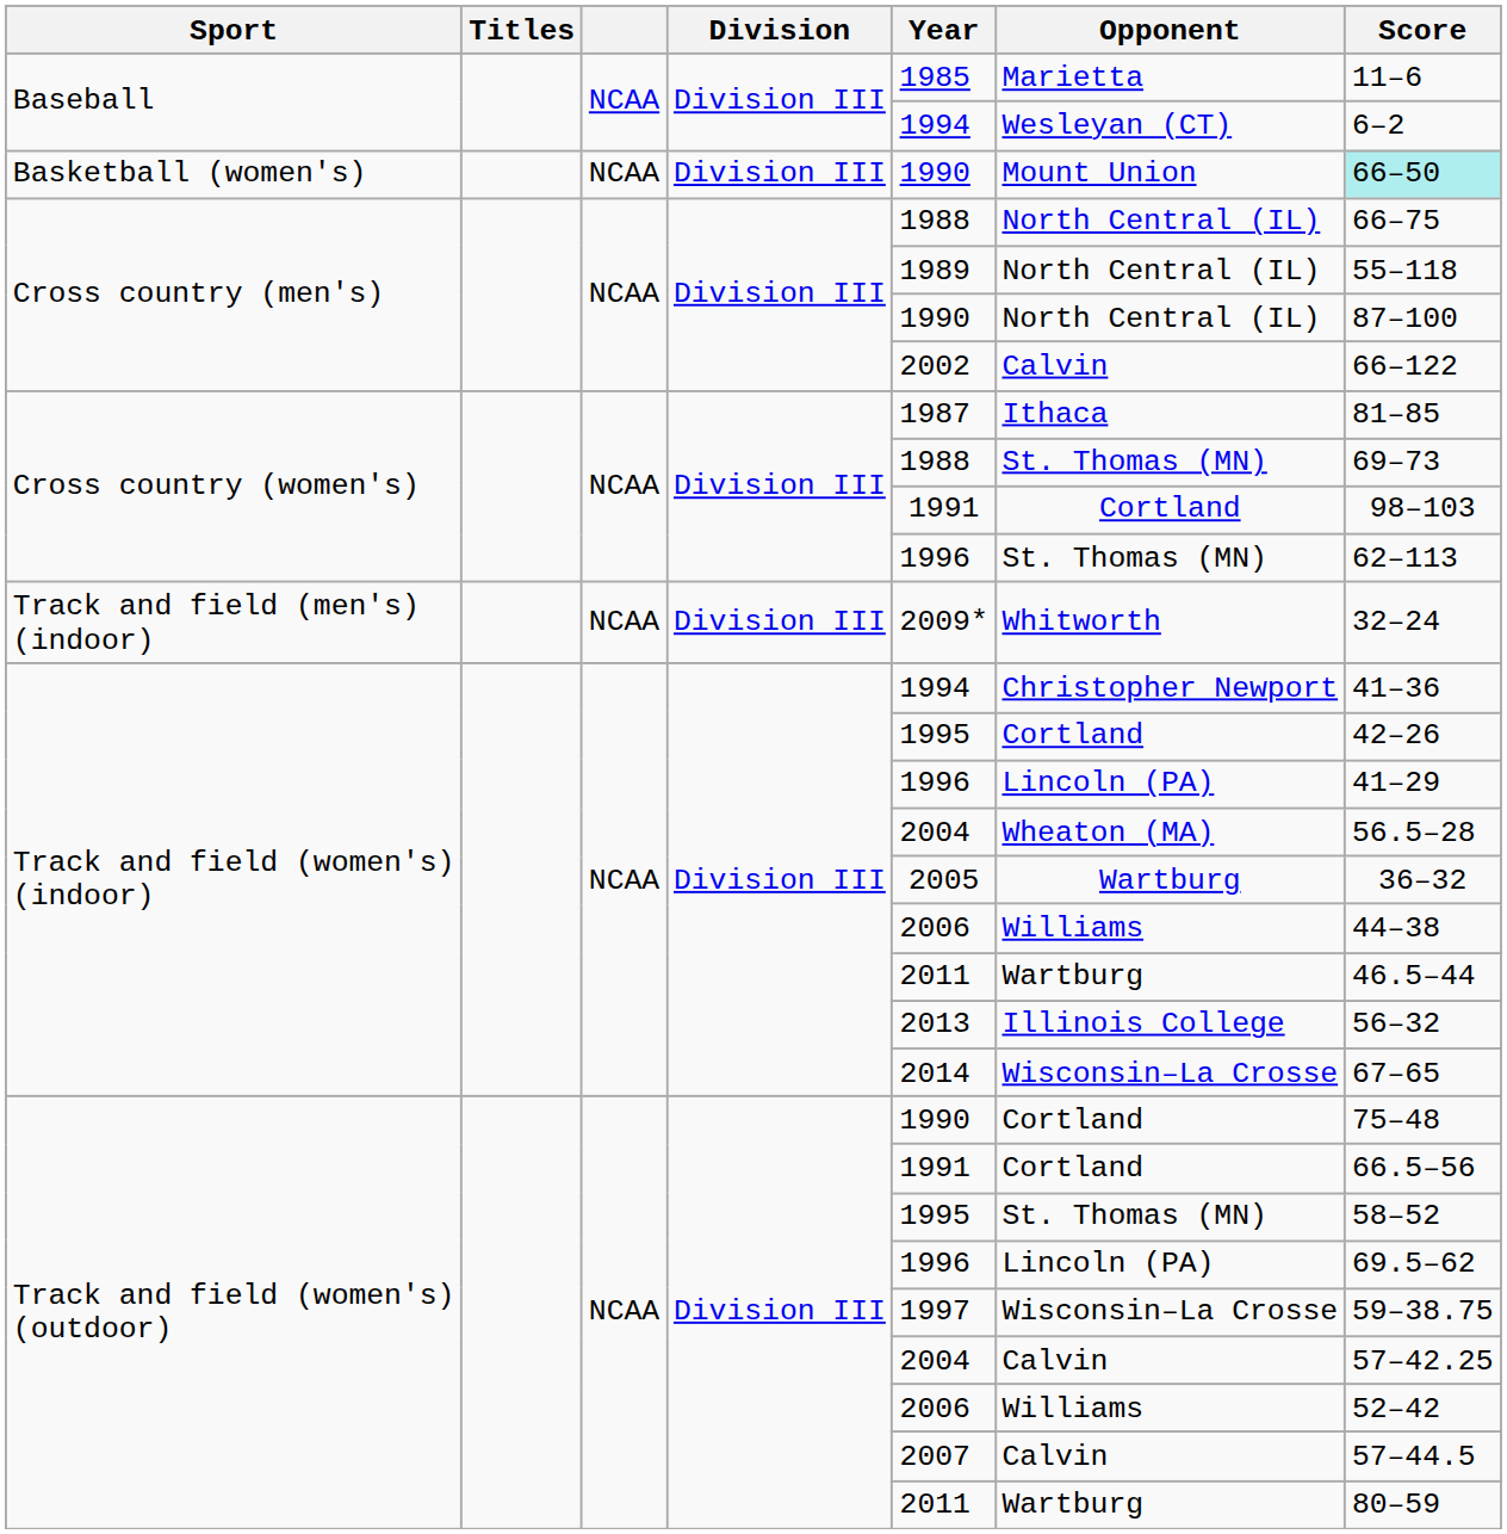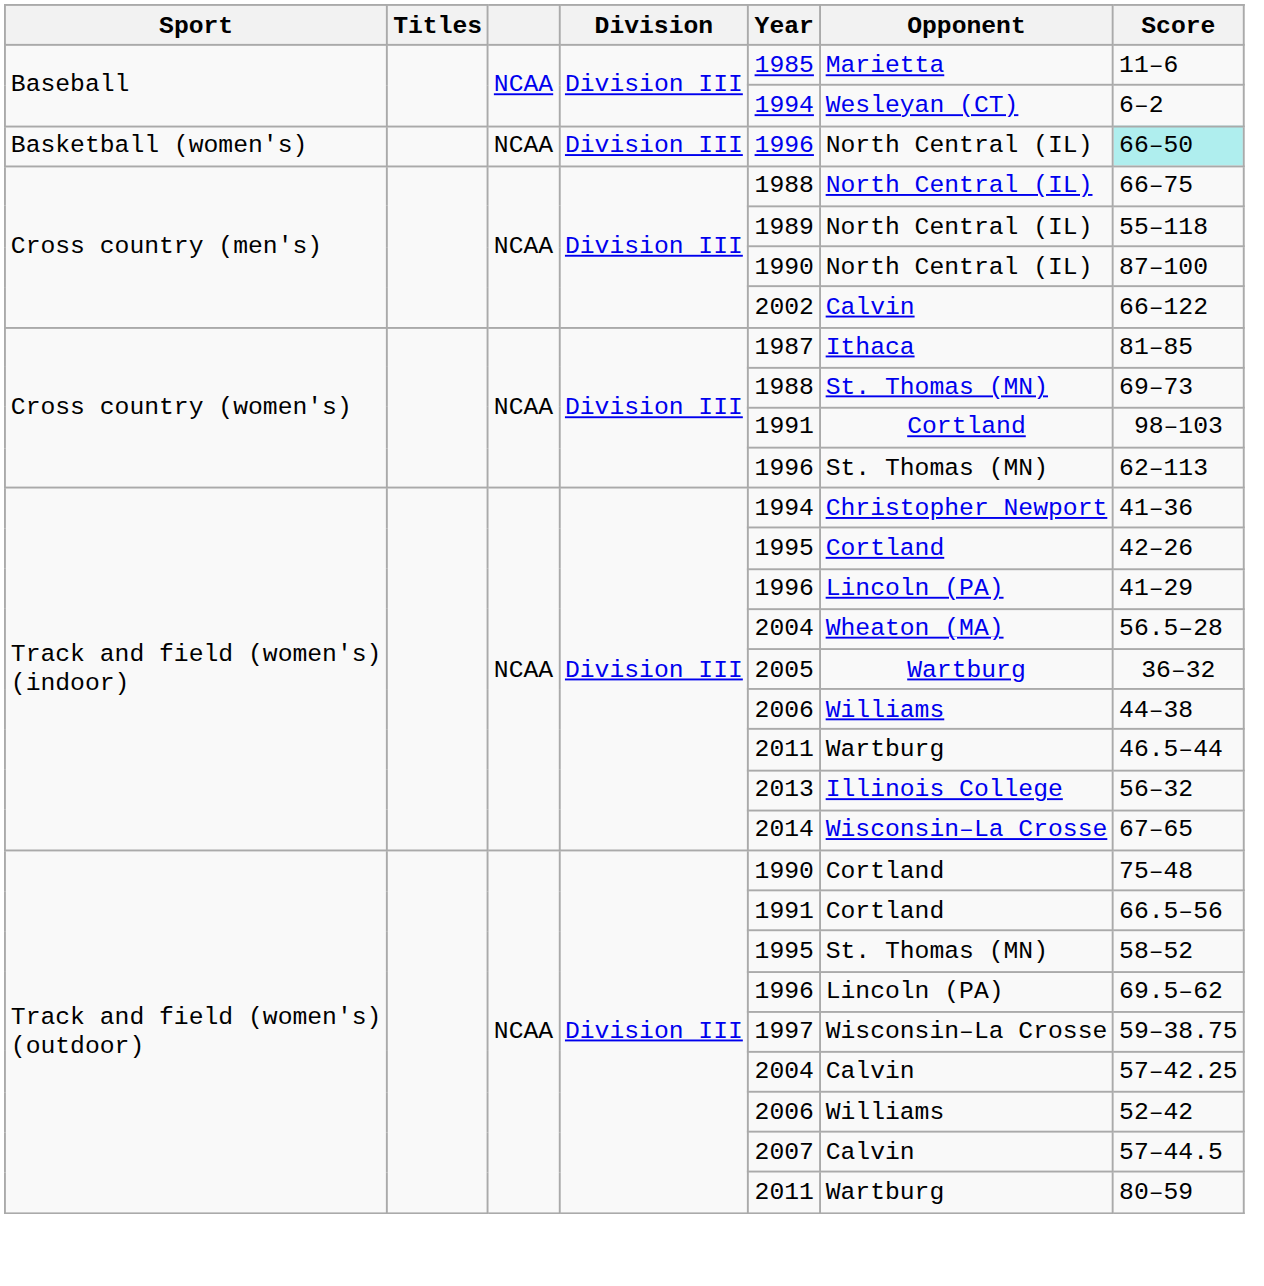 <table class="wikitable">
 <tr>
 <th width=px>Sport</th>
 <th width=px>Titles</th>
 <th width=px></th>
 <th width=px>Division</th>
 <th width=px>Year</th>
 <th width=px>Opponent</th>
 <th width=px>Score</th>
 </tr>
 <tr>
 <td rowspan="2">Baseball</td>
 <td rowspan=2></td>
 <td rowspan="2"><a href='#'>NCAA</a></td>
 <td rowspan="2"><a href='#'>Division III</a></td>
 <td><a href='#'>1985</a></td>
 <td><a href='#'>Marietta</a></td>
 <td>11–6</td>
 </tr>
 <tr>
 <td><a href='#'>1994</a></td>
 <td><a href='#'>Wesleyan (CT)</a></td>
 <td>6–2</td>
 </tr>
 <tr>
 <td rowspan="1">Basketball (women's)</td>
 <td rowspan=1></td>
 <td rowspan="1">NCAA</td>
 <td rowspan="1"><a href='#'>Division III</a></td>
-<td><a href='#'>1990</a></td>
-<td><a href='#'>Mount Union</a></td>
+<td><a href='#'>1996</a></td>
+<td>North Central (IL)</td>
 <td style="background: paleturquoise;">66–50</td>
 </tr>
 <tr>
 <td rowspan="4">Cross country (men's)</td>
 <td rowspan=4></td>
 <td rowspan="4">NCAA</td>
 <td rowspan="4"><a href='#'>Division III</a></td>
 <td>1988</td>
 <td><a href='#'>North Central (IL)</a></td>
 <td>66–75</td>
 </tr>
 <tr>
 <td>1989</td>
 <td>North Central (IL)</td>
 <td>55–118</td>
 </tr>
 <tr>
 <td>1990</td>
 <td>North Central (IL)</td>
 <td>87–100</td>
 </tr>
 <tr>
 <td>2002</td>
 <td><a href='#'>Calvin</a></td>
 <td>66–122</td>
 </tr>
 <tr>
 <td rowspan="4">Cross country (women's)</td>
 <td rowspan=4></td>
 <td rowspan="4">NCAA</td>
 <td rowspan="4"><a href='#'>Division III</a></td>
 <td>1987</td>
 <td><a href='#'>Ithaca</a></td>
 <td>81–85</td>
 </tr>
 <tr>
 <td>1988</td>
 <td><a href='#'>St. Thomas (MN)</a></td>
 <td>69–73</td>
 </tr>
 <tr align="center">
 <td>1991</td>
 <td><a href='#'>Cortland</a></td>
 <td>98–103</td>
 </tr>
 <tr>
 <td>1996</td>
 <td>St. Thomas (MN)</td>
 <td>62–113</td>
-</tr>
-<tr>
-<td rowspan="1">Track and field (men's)<br> (indoor)</td>
-<td rowspan= 1></td>
-<td rowspan="1">NCAA</td>
-<td rowspan="1"><a href='#'>Division III</a></td>
-<td>2009*</td>
-<td><a href='#'>Whitworth</a></td>
-<td>32–24</td>
 </tr>
 <tr>
 <td rowspan="9">Track and field (women's) <br>(indoor)</td>
 <td rowspan= 9></td>
 <td rowspan="9">NCAA</td>
 <td rowspan="9"><a href='#'>Division III</a></td>
 <td>1994</td>
 <td><a href='#'>Christopher Newport</a></td>
 <td>41–36</td>
 </tr>
 <tr>
 <td>1995</td>
 <td><a href='#'>Cortland</a></td>
 <td>42–26</td>
 </tr>
 <tr>
 <td>1996</td>
 <td><a href='#'>Lincoln (PA)</a></td>
 <td>41–29</td>
 </tr>
 <tr>
 <td>2004</td>
 <td><a href='#'>Wheaton (MA)</a></td>
 <td>56.5–28</td>
 </tr>
 <tr align="center">
 <td>2005</td>
 <td><a href='#'>Wartburg</a></td>
 <td>36–32</td>
 </tr>
 <tr>
 <td>2006</td>
 <td><a href='#'>Williams</a></td>
 <td>44–38</td>
 </tr>
 <tr>
 <td>2011</td>
 <td>Wartburg</td>
 <td>46.5–44</td>
 </tr>
 <tr>
 <td>2013</td>
 <td><a href='#'>Illinois College</a></td>
 <td>56–32</td>
 </tr>
 <tr>
 <td>2014</td>
 <td><a href='#'>Wisconsin–La Crosse</a></td>
 <td>67–65</td>
 </tr>
 <tr>
 <td rowspan="9">Track and field (women's)<br>(outdoor)</td>
 <td rowspan= 9></td>
 <td rowspan="9">NCAA</td>
 <td rowspan="9"><a href='#'>Division III</a></td>
 <td>1990</td>
 <td>Cortland</td>
 <td>75–48</td>
 </tr>
 <tr>
 <td>1991</td>
 <td>Cortland</td>
 <td>66.5–56</td>
 </tr>
 <tr>
 <td>1995</td>
 <td>St. Thomas (MN)</td>
 <td>58–52</td>
 </tr>
 <tr>
 <td>1996</td>
 <td>Lincoln (PA)</td>
 <td>69.5–62</td>
 </tr>
 <tr>
 <td>1997</td>
 <td>Wisconsin–La Crosse</td>
 <td>59–38.75</td>
 </tr>
 <tr>
 <td>2004</td>
 <td>Calvin</td>
 <td>57–42.25</td>
 </tr>
 <tr>
 <td>2006</td>
 <td>Williams</td>
 <td>52–42</td>
 </tr>
 <tr>
 <td>2007</td>
 <td>Calvin</td>
 <td>57–44.5</td>
 </tr>
 <tr>
 <td>2011</td>
 <td>Wartburg</td>
 <td>80–59</td>
 </tr>
 </table>
